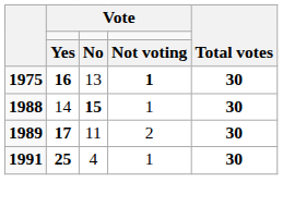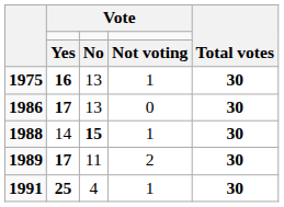 <table class=wikitable style="text-align:center">
 <tr style="vertical-align:bottom;">
 <th rowspan=3></th>
 <th colspan=3>Vote</th>
 <th rowspan=3>Total votes</th>
 </tr>
 <tr style="height:5px">
 <td style="background-color:"></td>
 <td style="background-color:"></td>
 <td style="background-color:"></td>
 </tr>
 <tr style="vertical-align:bottom;">
 <th>Yes</th>
 <th>No</th>
 <th>Not voting</th>
 </tr>
 <tr>
 <td><strong>1975</strong></td>
 <td style="background:#fff;"><strong>16</strong></td>
 <td style="background:#fff;">13</td>
-<td style="background:#fff;"><strong>1</strong></td>
+<td style="background:#fff;">1</td>
+<td style="background:#fff;"><strong>30</strong></td>
+</tr>
+<tr>
+<td><strong>1986</strong></td>
+<td style="background:#fff;"><strong>17</strong></td>
+<td style="background:#fff;">13</td>
+<td style="background:#fff;">0</td>
 <td style="background:#fff;"><strong>30</strong></td>
 </tr>
 <tr>
 <td><strong>1988</strong></td>
 <td style="background:#fff;">14</td>
 <td style="background:#fff;"><strong>15</strong></td>
 <td style="background:#fff;">1</td>
 <td style="background:#fff;"><strong>30</strong></td>
 </tr>
 <tr>
 <td><strong>1989</strong></td>
 <td style="background:#fff;"><strong>17</strong></td>
 <td style="background:#fff;">11</td>
 <td style="background:#fff;">2</td>
 <td style="background:#fff;"><strong>30</strong></td>
 </tr>
 <tr>
 <td><strong>1991</strong></td>
 <td style="background:#fff;"><strong>25</strong></td>
 <td style="background:#fff;">4</td>
 <td style="background:#fff;">1</td>
 <td style="background:#fff;"><strong>30</strong></td>
 </tr>
 </table>
